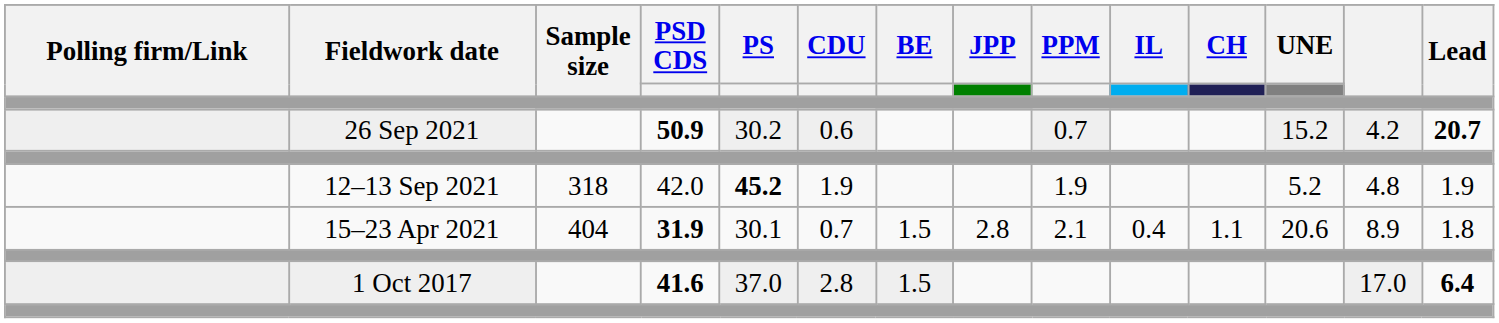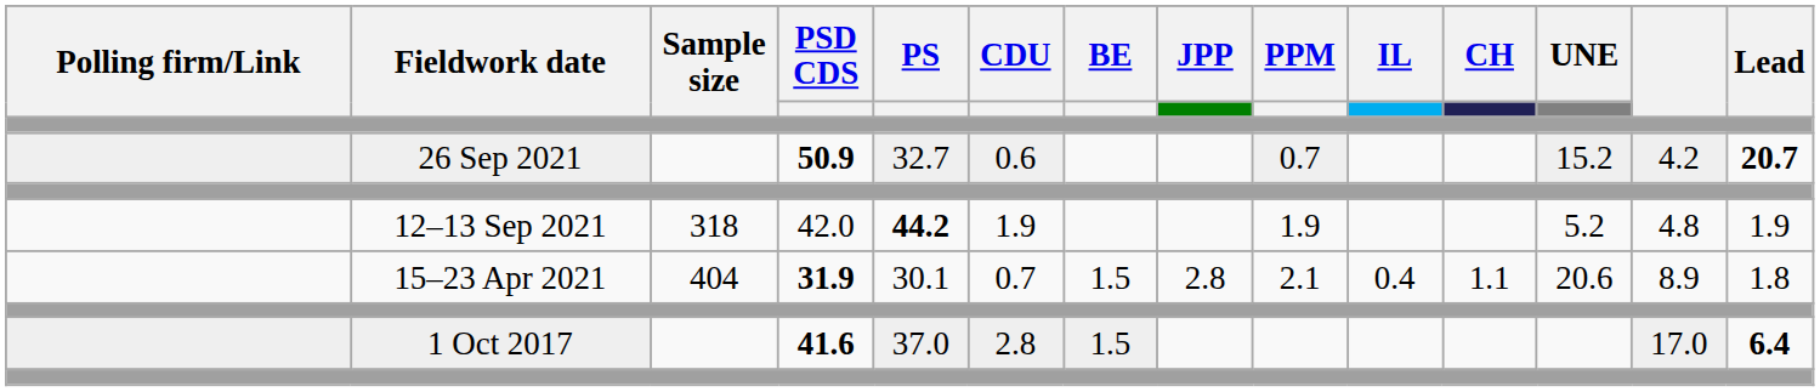 <table class="wikitable sortable mw-datatable" style="text-align:center;font-size:90%;line-height:16px;">
 <tr style="height:42px;">
 <th style="width:145px;" rowspan="2">Polling firm/Link</th>
 <th style="width:125px;" rowspan="2">Fieldwork date</th>
 <th class="unsortable" style="width:50px;" rowspan="2">Sample size</th>
 <th class="unsortable" style="width:35px;"><a href='#'>PSD</a><br><a href='#'>CDS</a></th>
 <th class="unsortable" style="width:35px;"><a href='#'>PS</a></th>
 <th class="unsortable" style="width:35px;"><a href='#'>CDU</a></th>
 <th class="unsortable" style="width:35px;"><a href='#'>BE</a></th>
 <th class="unsortable" style="width:35px;"><a href='#'>JPP</a></th>
 <th class="unsortable" style="width:35px;"><a href='#'>PPM</a></th>
 <th class="unsortable" style="width:35px;"><a href='#'>IL</a></th>
 <th class="unsortable" style="width:35px;"><a href='#'>CH</a></th>
 <th class="unsortable" style="width:35px;">UNE</th>
 <th class="unsortable" style="width:35px;" rowspan="2"></th>
 <th class="unsortable" style="width:30px;" rowspan="2">Lead</th>
 </tr>
 <tr>
 <th class="unsortable" style="color:inherit;background:"></th>
 <th class="unsortable" style="color:inherit;background:"></th>
 <th class="unsortable" style="color:inherit;background:"></th>
 <th class="unsortable" style="color:inherit;background:"></th>
 <th class="unsortable" style="color:inherit;background:green;"></th>
 <th class="unsortable" style="color:inherit;background:"></th>
 <th class="sortable" style="background:#00ADEF;"></th>
 <th class="sortable" style="background:#202056;"></th>
 <th class="unsortable" style="color:inherit;background:gray;"></th>
 </tr>
 <tr>
 <td colspan="14" style="background:#A0A0A0"></td>
 </tr>
 <tr>
 <td style="background:#EFEFEF;"><strong></strong></td>
 <td style="background:#EFEFEF;" data-sort-value="2019-10-06">26 Sep 2021</td>
 <td></td>
 <td><strong>50.9</strong><br></td>
-<td style="background:#EFEFEF;">30.2<br></td>
+<td style="background:#EFEFEF;">32.7<br></td>
 <td style="background:#EFEFEF;">0.6<br></td>
 <td></td>
 <td></td>
 <td style="background:#EFEFEF;">0.7<br></td>
 <td></td>
 <td></td>
 <td style="background:#EFEFEF;">15.2<br></td>
 <td style="background:#EFEFEF;">4.2</td>
 <td style="background:"><strong>20.7</strong></td>
 </tr>
 <tr>
 <td colspan="14" style="background:#A0A0A0"></td>
 </tr>
 <tr>
 <td align="center"><br></td>
 <td align="center">12–13 Sep 2021</td>
 <td align="center">318</td>
 <td align="center">42.0<br></td>
-<td align="center" ><strong>45.2</strong><br></td>
+<td align="center" ><strong>44.2</strong><br></td>
 <td align="center">1.9<br></td>
 <td></td>
 <td></td>
 <td align="center">1.9<br></td>
 <td></td>
 <td></td>
 <td align="center">5.2<br></td>
 <td align="center">4.8<br></td>
 <td style="background:">1.9</td>
 </tr>
 <tr>
 <td align="center"></td>
 <td align="center">15–23 Apr 2021</td>
 <td>404</td>
 <td align="center" ><strong>31.9</strong></td>
 <td align="center">30.1</td>
 <td align="center">0.7</td>
 <td align="center">1.5</td>
 <td align="center">2.8</td>
 <td align="center">2.1</td>
 <td align="center">0.4</td>
 <td align="center">1.1</td>
 <td align="center">20.6</td>
 <td align="center">8.9</td>
 <td style="background:">1.8</td>
 </tr>
 <tr>
 <td colspan="14" style="background:#A0A0A0"></td>
 </tr>
 <tr>
 <td style="background:#EFEFEF;"><strong></strong></td>
 <td style="background:#EFEFEF;" data-sort-value="2019-10-06">1 Oct 2017</td>
 <td></td>
 <td><strong>41.6</strong><br></td>
 <td style="background:#EFEFEF;">37.0<br></td>
 <td style="background:#EFEFEF;">2.8<br></td>
 <td style="background:#EFEFEF;">1.5<br></td>
 <td></td>
 <td></td>
 <td></td>
 <td></td>
 <td></td>
 <td style="background:#EFEFEF;">17.0<br></td>
 <td style="background:"><strong>6.4</strong></td>
 </tr>
 <tr>
 <td colspan="14" style="background:#A0A0A0"></td>
 </tr>
 </table>
